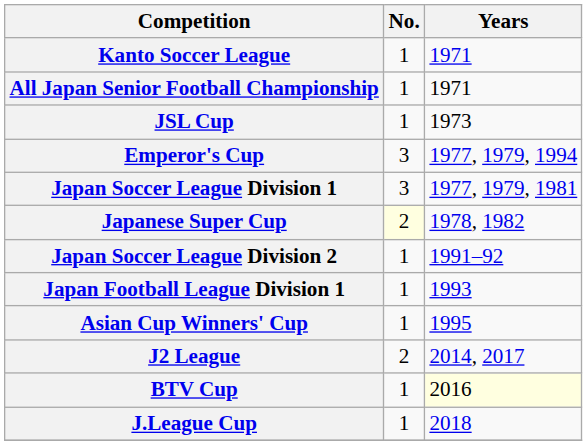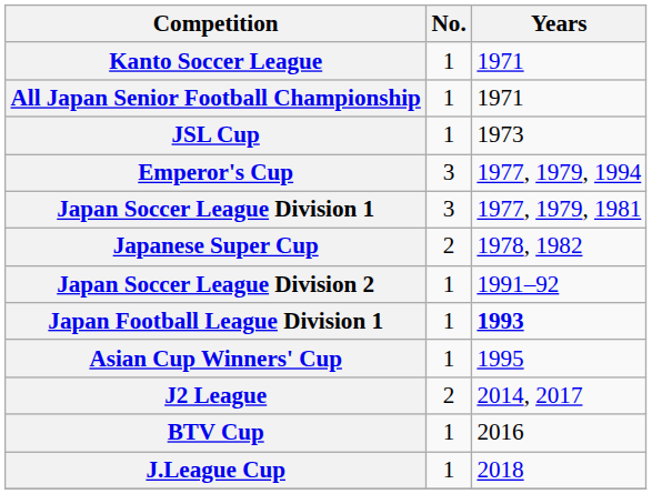 <table class="wikitable plainrowheaders">
 <tr>
 <th scope=col>Competition</th>
 <th scope=col>No.</th>
 <th scope=col>Years</th>
 </tr>
 <tr>
 <th scope=row><a href='#'>Kanto Soccer League</a></th>
 <td align="center">1</td>
 <td><a href='#'>1971</a></td>
 </tr>
 <tr>
 <th scope=row><a href='#'>All Japan Senior Football Championship</a></th>
 <td align="center">1</td>
 <td>1971</td>
 </tr>
 <tr>
 <th scope=row><a href='#'>JSL Cup</a></th>
 <td align="center">1</td>
 <td>1973</td>
 </tr>
 <tr>
 <th scope=row><a href='#'>Emperor's Cup</a></th>
 <td align="center">3</td>
 <td><a href='#'>1977</a>, <a href='#'>1979</a>, <a href='#'>1994</a></td>
 </tr>
 <tr>
 <th scope=row><a href='#'>Japan Soccer League</a> Division 1</th>
 <td align="center">3</td>
 <td><a href='#'>1977</a>, <a href='#'>1979</a>, <a href='#'>1981</a></td>
 </tr>
 <tr>
 <th scope=row><a href='#'>Japanese Super Cup</a></th>
-<td align="center" style="background: lightyellow;">2</td>
+<td align="center">2</td>
 <td><a href='#'>1978</a>, <a href='#'>1982</a></td>
 </tr>
 <tr>
 <th scope=row><a href='#'>Japan Soccer League</a> Division 2</th>
 <td align="center">1</td>
 <td><a href='#'>1991–92</a></td>
 </tr>
 <tr>
 <th scope=row><a href='#'>Japan Football League</a> Division 1</th>
 <td align="center">1</td>
-<td><a href='#'>1993</a></td>
+<td><strong><a href='#'>1993</a></strong></td>
 </tr>
 <tr>
 <th scope=row><a href='#'>Asian Cup Winners' Cup</a></th>
 <td align="center">1</td>
 <td><a href='#'>1995</a></td>
 </tr>
 <tr>
 <th scope=row><a href='#'>J2 League</a></th>
 <td align="center">2</td>
 <td><a href='#'>2014</a>, <a href='#'>2017</a></td>
 </tr>
 <tr>
 <th scope=row><a href='#'>BTV Cup</a></th>
 <td align="center">1</td>
-<td style="background: lightyellow;">2016</td>
+<td>2016</td>
 </tr>
 <tr>
 <th scope=row><a href='#'>J.League Cup</a></th>
 <td align="center">1</td>
 <td><a href='#'>2018</a></td>
 </tr>
 <tr>
 </tr>
 </table>
